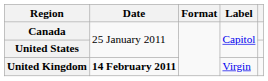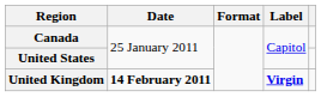 <table class="wikitable plainrowheaders">
 <tr>
 <th scope="col">Region</th>
 <th scope="col">Date</th>
 <th scope="col">Format</th>
 <th scope="col">Label</th>
 <th scope="col"></th>
 </tr>
 <tr>
 <th scope="row">Canada</th>
 <td rowspan="2">25 January 2011</td>
 <td rowspan="3"></td>
 <td rowspan="2"><a href='#'>Capitol</a></td>
 <td align="center"></td>
 </tr>
 <tr>
 <th scope="row">United States</th>
 <td align="center"></td>
 </tr>
 <tr>
 <th scope="row">United Kingdom</th>
 <td><strong>14 February 2011</strong></td>
-<td><a href='#'>Virgin</a></td>
+<td><strong><a href='#'>Virgin</a></strong></td>
 <td align="center"></td>
 </tr>
 </table>
